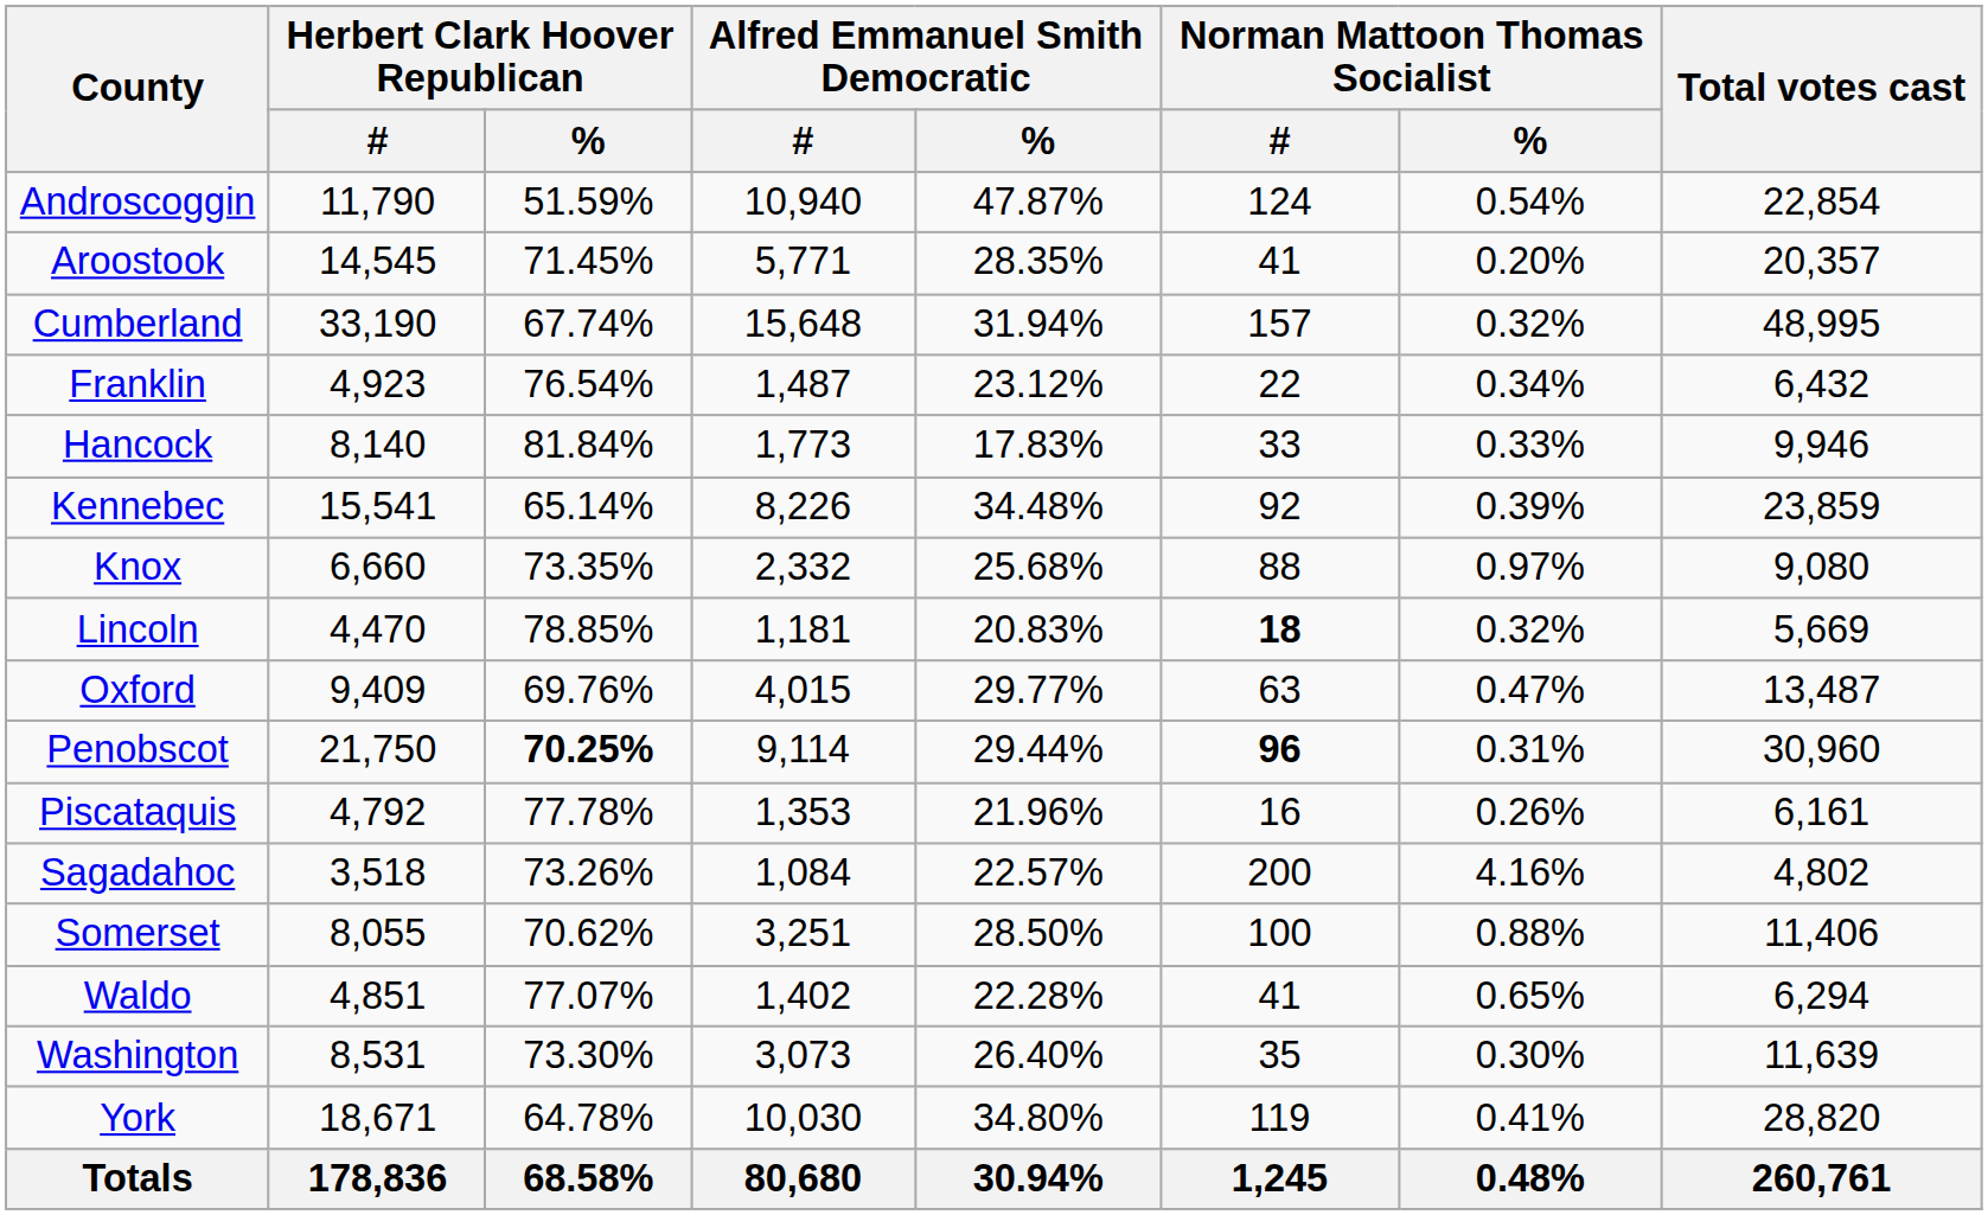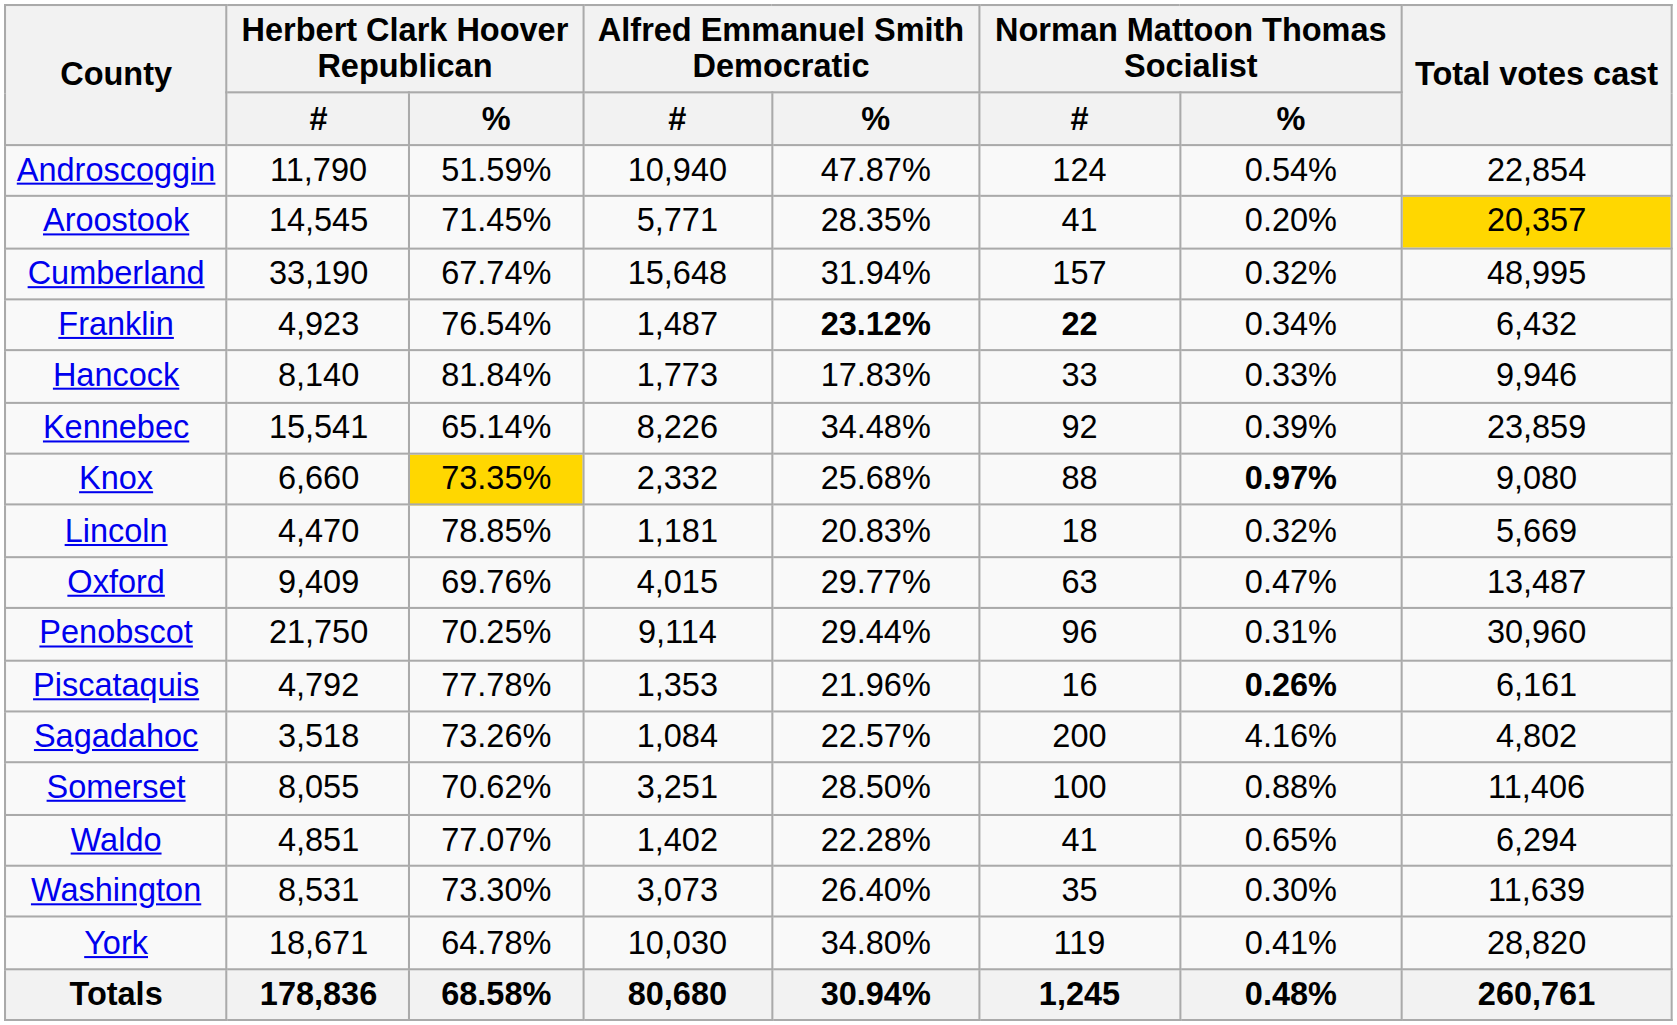 <table width="65%" class="wikitable sortable">
 <tr>
 <th rowspan="2">County</th>
 <th colspan="2">Herbert Clark Hoover<br>Republican</th>
 <th colspan="2">Alfred Emmanuel Smith<br>Democratic</th>
 <th colspan="2"><strong>Norman Mattoon Thomas</strong><br>Socialist</th>
 <th rowspan="2">Total votes cast</th>
 </tr>
 <tr bgcolor="lightgrey">
 <th>#</th>
 <th>%</th>
 <th>#</th>
 <th>%</th>
 <th>#</th>
 <th>%</th>
 </tr>
 <tr style="text-align:center;">
 <td><a href='#'>Androscoggin</a></td>
 <td>11,790</td>
 <td>51.59%</td>
 <td>10,940</td>
 <td>47.87%</td>
 <td>124</td>
 <td>0.54%</td>
 <td>22,854</td>
 </tr>
 <tr style="text-align:center;">
 <td><a href='#'>Aroostook</a></td>
 <td>14,545</td>
 <td>71.45%</td>
 <td>5,771</td>
 <td>28.35%</td>
 <td>41</td>
 <td>0.20%</td>
-<td>20,357</td>
+<td style="background: gold;">20,357</td>
 </tr>
 <tr style="text-align:center;">
 <td><a href='#'>Cumberland</a></td>
 <td>33,190</td>
 <td>67.74%</td>
 <td>15,648</td>
 <td>31.94%</td>
 <td>157</td>
 <td>0.32%</td>
 <td>48,995</td>
 </tr>
 <tr style="text-align:center;">
 <td><a href='#'>Franklin</a></td>
 <td>4,923</td>
 <td>76.54%</td>
 <td>1,487</td>
-<td>23.12%</td>
-<td>22</td>
+<td><strong>23.12%</strong></td>
+<td><strong>22</strong></td>
 <td>0.34%</td>
 <td>6,432</td>
 </tr>
 <tr style="text-align:center;">
 <td><a href='#'>Hancock</a></td>
 <td>8,140</td>
 <td>81.84%</td>
 <td>1,773</td>
 <td>17.83%</td>
 <td>33</td>
 <td>0.33%</td>
 <td>9,946</td>
 </tr>
 <tr style="text-align:center;">
 <td><a href='#'>Kennebec</a></td>
 <td>15,541</td>
 <td>65.14%</td>
 <td>8,226</td>
 <td>34.48%</td>
 <td>92</td>
 <td>0.39%</td>
 <td>23,859</td>
 </tr>
 <tr style="text-align:center;">
 <td><a href='#'>Knox</a></td>
 <td>6,660</td>
-<td>73.35%</td>
+<td style="background: gold;">73.35%</td>
 <td>2,332</td>
 <td>25.68%</td>
 <td>88</td>
-<td>0.97%</td>
+<td><strong>0.97%</strong></td>
 <td>9,080</td>
 </tr>
 <tr style="text-align:center;">
 <td><a href='#'>Lincoln</a></td>
 <td>4,470</td>
 <td>78.85%</td>
 <td>1,181</td>
 <td>20.83%</td>
-<td><strong>18</strong></td>
+<td>18</td>
 <td>0.32%</td>
 <td>5,669</td>
 </tr>
 <tr style="text-align:center;">
 <td><a href='#'>Oxford</a></td>
 <td>9,409</td>
 <td>69.76%</td>
 <td>4,015</td>
 <td>29.77%</td>
 <td>63</td>
 <td>0.47%</td>
 <td>13,487</td>
 </tr>
 <tr style="text-align:center;">
 <td><a href='#'>Penobscot</a></td>
 <td>21,750</td>
-<td><strong>70.25%</strong></td>
+<td>70.25%</td>
 <td>9,114</td>
 <td>29.44%</td>
-<td><strong>96</strong></td>
+<td>96</td>
 <td>0.31%</td>
 <td>30,960</td>
 </tr>
 <tr style="text-align:center;">
 <td><a href='#'>Piscataquis</a></td>
 <td>4,792</td>
 <td>77.78%</td>
 <td>1,353</td>
 <td>21.96%</td>
 <td>16</td>
-<td>0.26%</td>
+<td><strong>0.26%</strong></td>
 <td>6,161</td>
 </tr>
 <tr style="text-align:center;">
 <td><a href='#'>Sagadahoc</a></td>
 <td>3,518</td>
 <td>73.26%</td>
 <td>1,084</td>
 <td>22.57%</td>
 <td>200</td>
 <td>4.16%</td>
 <td>4,802</td>
 </tr>
 <tr style="text-align:center;">
 <td><a href='#'>Somerset</a></td>
 <td>8,055</td>
 <td>70.62%</td>
 <td>3,251</td>
 <td>28.50%</td>
 <td>100</td>
 <td>0.88%</td>
 <td>11,406</td>
 </tr>
 <tr style="text-align:center;">
 <td><a href='#'>Waldo</a></td>
 <td>4,851</td>
 <td>77.07%</td>
 <td>1,402</td>
 <td>22.28%</td>
 <td>41</td>
 <td>0.65%</td>
 <td>6,294</td>
 </tr>
 <tr style="text-align:center;">
 <td><a href='#'>Washington</a></td>
 <td>8,531</td>
 <td>73.30%</td>
 <td>3,073</td>
 <td>26.40%</td>
 <td>35</td>
 <td>0.30%</td>
 <td>11,639</td>
 </tr>
 <tr style="text-align:center;">
 <td><a href='#'>York</a></td>
 <td>18,671</td>
 <td>64.78%</td>
 <td>10,030</td>
 <td>34.80%</td>
 <td>119</td>
 <td>0.41%</td>
 <td>28,820</td>
 </tr>
 <tr style="text-align:center;">
 <th>Totals</th>
 <th>178,836</th>
 <th>68.58%</th>
 <th>80,680</th>
 <th>30.94%</th>
 <th>1,245</th>
 <th>0.48%</th>
 <th>260,761</th>
 </tr>
 </table>
